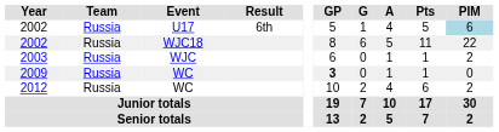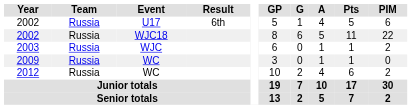 <table border="0" cellpadding="1" cellspacing="0" style="text-align:center; width:40em">
 <tr ALIGN="center" bgcolor="#e0e0e0">
 <th>Year</th>
 <th>Team</th>
 <th>Event</th>
 <th>Result</th>
 <th rowspan="99" bgcolor="#ffffff"> </th>
 <th>GP</th>
 <th>G</th>
 <th>A</th>
 <th>Pts</th>
 <th>PIM</th>
 </tr>
 <tr>
 <td>2002</td>
 <td><a href='#'>Russia</a></td>
 <td><a href='#'>U17</a></td>
 <td>6th</td>
 <td>5</td>
 <td>1</td>
 <td>4</td>
 <td>5</td>
-<td style="background: lightblue;">6</td>
+<td>6</td>
 </tr>
 <tr bgcolor="#f0f0f0">
 <td><a href='#'>2002</a></td>
 <td>Russia</td>
 <td><a href='#'>WJC18</a></td>
 <td></td>
 <td>8</td>
 <td>6</td>
 <td>5</td>
 <td>11</td>
 <td>22</td>
 </tr>
 <tr>
 <td><a href='#'>2003</a></td>
 <td><a href='#'>Russia</a></td>
 <td><a href='#'>WJC</a></td>
 <td></td>
 <td>6</td>
 <td>0</td>
 <td>1</td>
 <td>1</td>
 <td>2</td>
 </tr>
 <tr bgcolor="#f0f0f0">
 <td><a href='#'>2009</a></td>
 <td><a href='#'>Russia</a></td>
 <td><a href='#'>WC</a></td>
 <td></td>
-<td><strong>3</strong></td>
+<td>3</td>
 <td>0</td>
 <td>1</td>
 <td>1</td>
 <td>0</td>
 </tr>
 <tr>
 <td><a href='#'>2012</a></td>
 <td>Russia</td>
 <td>WC</td>
 <td></td>
 <td>10</td>
 <td>2</td>
 <td>4</td>
 <td>6</td>
 <td>2</td>
 </tr>
 <tr bgcolor="#e0e0e0">
 <th colspan="4">Junior totals</th>
 <th>19</th>
 <th>7</th>
 <th>10</th>
 <th>17</th>
 <th>30</th>
 </tr>
 <tr bgcolor="#e0e0e0">
 <th colspan=4>Senior totals</th>
 <th>13</th>
 <th>2</th>
 <th>5</th>
 <th>7</th>
 <th>2</th>
 </tr>
 </table>
